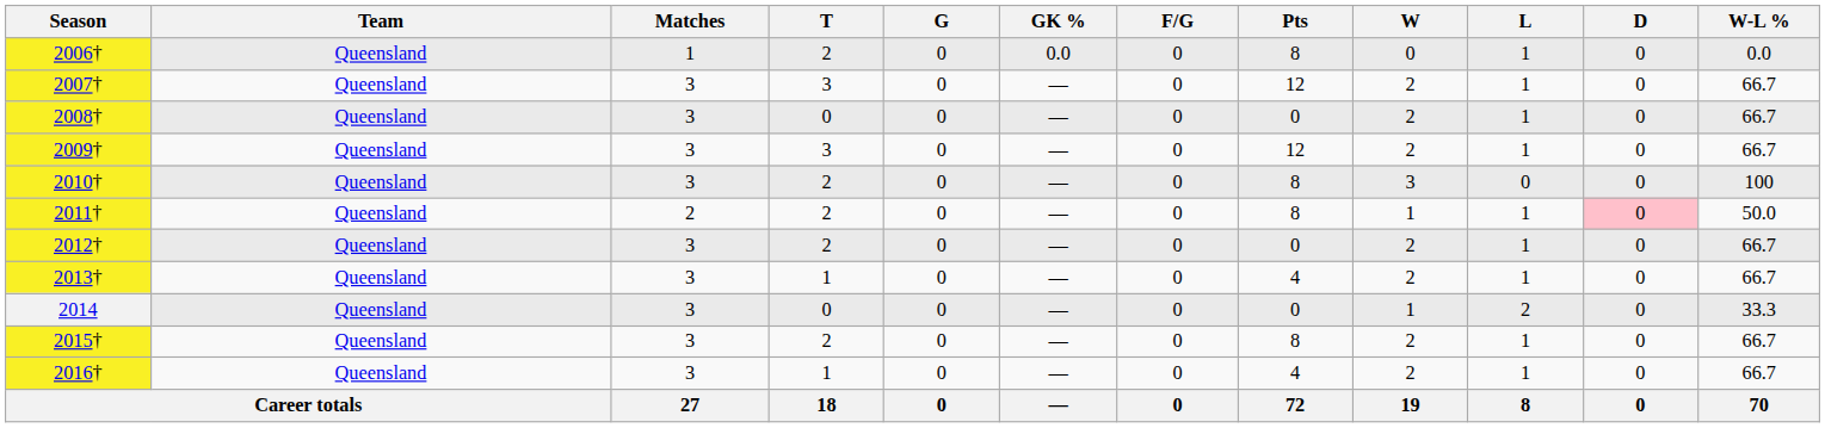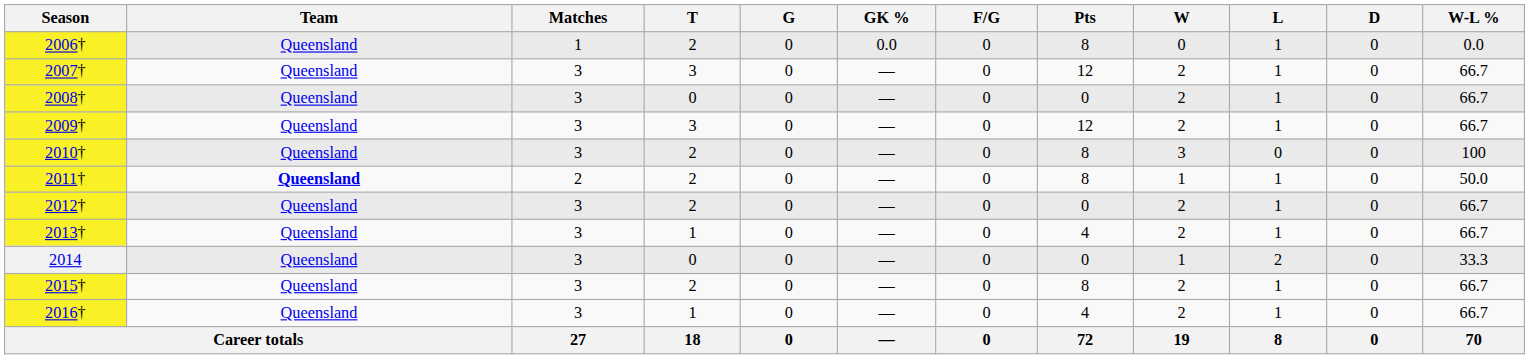 <table class="wikitable sortable"  style="font-size:90%; text-align:center; width:85%;">
 <tr>
 <th width=2%>Season</th>
 <th width=8%>Team</th>
 <th width=2%>Matches</th>
 <th width=2%>T</th>
 <th width=2%>G</th>
 <th width=2%>GK %</th>
 <th width=2%>F/G</th>
 <th width=2%>Pts</th>
 <th width=2%>W</th>
 <th width=2%>L</th>
 <th width=2%>D</th>
 <th width=2%>W-L %</th>
 </tr>
 <tr style="background:#eaeaea;">
 <th scope="row" style="text-align:center;background:#f9f025; font-weight:normal"><a href='#'>2006</a>†</th>
 <td style="text-align:center;"><a href='#'>Queensland</a></td>
 <td>1</td>
 <td>2</td>
 <td>0</td>
 <td>0.0</td>
 <td>0</td>
 <td>8</td>
 <td>0</td>
 <td>1</td>
 <td>0</td>
 <td>0.0</td>
 </tr>
 <tr>
 <th scope="row" style="text-align:center;background:#f9f025; font-weight:normal"><a href='#'>2007</a>†</th>
 <td style="text-align:center;"><a href='#'>Queensland</a></td>
 <td>3</td>
 <td>3</td>
 <td>0</td>
 <td>—</td>
 <td>0</td>
 <td>12</td>
 <td>2</td>
 <td>1</td>
 <td>0</td>
 <td>66.7</td>
 </tr>
 <tr style="background:#eaeaea;">
 <th scope="row" style="text-align:center;background:#f9f025; font-weight:normal"><a href='#'>2008</a>†</th>
 <td style="text-align:center;"><a href='#'>Queensland</a></td>
 <td>3</td>
 <td>0</td>
 <td>0</td>
 <td>—</td>
 <td>0</td>
 <td>0</td>
 <td>2</td>
 <td>1</td>
 <td>0</td>
 <td>66.7</td>
 </tr>
 <tr>
 <th scope="row" style="text-align:center;background:#f9f025; font-weight:normal"><a href='#'>2009</a>†</th>
 <td style="text-align:center;"><a href='#'>Queensland</a></td>
 <td>3</td>
 <td>3</td>
 <td>0</td>
 <td>—</td>
 <td>0</td>
 <td>12</td>
 <td>2</td>
 <td>1</td>
 <td>0</td>
 <td>66.7</td>
 </tr>
 <tr style="background:#eaeaea;">
 <th scope="row" style="text-align:center;background:#f9f025; font-weight:normal"><a href='#'>2010</a>†</th>
 <td style="text-align:center;"><a href='#'>Queensland</a></td>
 <td>3</td>
 <td>2</td>
 <td>0</td>
 <td>—</td>
 <td>0</td>
 <td>8</td>
 <td>3</td>
 <td>0</td>
 <td>0</td>
 <td>100</td>
 </tr>
 <tr>
 <th scope="row" style="text-align:center;background:#f9f025; font-weight:normal"><a href='#'>2011</a>†</th>
-<td style="text-align:center;"><a href='#'>Queensland</a></td>
+<td style="text-align:center;"><strong><a href='#'>Queensland</a></strong></td>
 <td>2</td>
 <td>2</td>
 <td>0</td>
 <td>—</td>
 <td>0</td>
 <td>8</td>
 <td>1</td>
 <td>1</td>
-<td style="background: pink;">0</td>
+<td>0</td>
 <td>50.0</td>
 </tr>
 <tr style="background:#eaeaea;">
 <th scope="row" style="text-align:center;background:#f9f025; font-weight:normal"><a href='#'>2012</a>†</th>
 <td style="text-align:center;"><a href='#'>Queensland</a></td>
 <td>3</td>
 <td>2</td>
 <td>0</td>
 <td>—</td>
 <td>0</td>
 <td>0</td>
 <td>2</td>
 <td>1</td>
 <td>0</td>
 <td>66.7</td>
 </tr>
 <tr>
 <th scope="row" style="text-align:center;background:#f9f025; font-weight:normal"><a href='#'>2013</a>†</th>
 <td style="text-align:center;"><a href='#'>Queensland</a></td>
 <td>3</td>
 <td>1</td>
 <td>0</td>
 <td>—</td>
 <td>0</td>
 <td>4</td>
 <td>2</td>
 <td>1</td>
 <td>0</td>
 <td>66.7</td>
 </tr>
 <tr style="background:#eaeaea;">
 <th scope="row" style="text-align:center; font-weight:normal"><a href='#'>2014</a></th>
 <td style="text-align:center;"><a href='#'>Queensland</a></td>
 <td>3</td>
 <td>0</td>
 <td>0</td>
 <td>—</td>
 <td>0</td>
 <td>0</td>
 <td>1</td>
 <td>2</td>
 <td>0</td>
 <td>33.3</td>
 </tr>
 <tr>
 <th scope="row" style="text-align:center;background:#f9f025; font-weight:normal"><a href='#'>2015</a>†</th>
 <td style="text-align:center;"><a href='#'>Queensland</a></td>
 <td>3</td>
 <td>2</td>
 <td>0</td>
 <td>—</td>
 <td>0</td>
 <td>8</td>
 <td>2</td>
 <td>1</td>
 <td>0</td>
 <td>66.7</td>
 </tr>
 <tr>
 <th scope="row" style="text-align:center;background:#f9f025; font-weight:normal"><a href='#'>2016</a>†</th>
 <td style="text-align:center;"><a href='#'>Queensland</a></td>
 <td>3</td>
 <td>1</td>
 <td>0</td>
 <td>—</td>
 <td>0</td>
 <td>4</td>
 <td>2</td>
 <td>1</td>
 <td>0</td>
 <td>66.7</td>
 </tr>
 <tr class="sortbottom">
 <th colspan=2>Career totals</th>
 <th>27</th>
 <th>18</th>
 <th>0</th>
 <th>—</th>
 <th>0</th>
 <th>72</th>
 <th>19</th>
 <th>8</th>
 <th>0</th>
 <th>70</th>
 </tr>
 </table>
